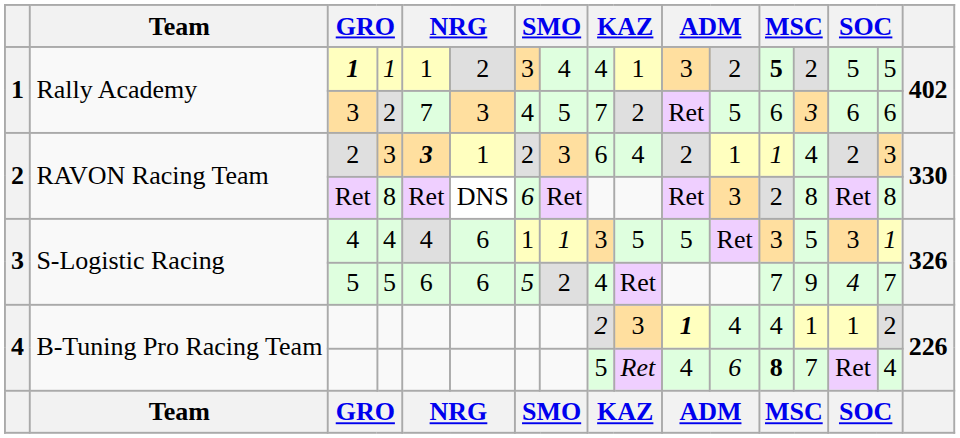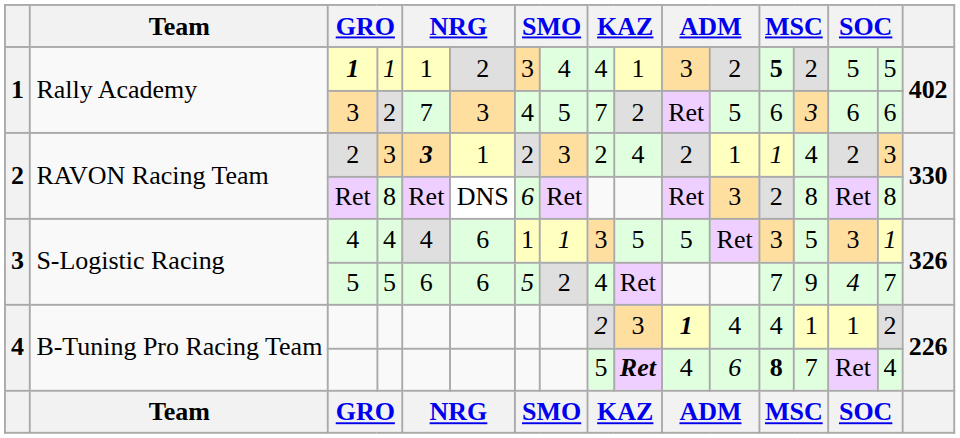 <table align=left| class="wikitable" style="font-size: 85%; text-align: center">
 <tr valign="top">
 <th valign="middle"></th>
 <th valign="middle">Team</th>
 <th colspan=2><a href='#'>GRO</a></th>
 <th colspan=2><a href='#'>NRG</a></th>
 <th colspan=2><a href='#'>SMO</a></th>
 <th colspan=2><a href='#'>KAZ</a></th>
 <th colspan=2><a href='#'>ADM</a></th>
 <th colspan=2><a href='#'>MSC</a></th>
 <th colspan=2><a href='#'>SOC</a></th>
 <th valign="middle"></th>
 </tr>
 <tr>
 <th rowspan="2">1</th>
 <td rowspan="2" align=left>Rally Academy</td>
 <td style="background:#ffffbf;"><strong><em>1</em></strong></td>
 <td style="background:#ffffbf;"><em>1</em></td>
 <td style="background:#ffffbf;">1</td>
 <td style="background:#dfdfdf;">2</td>
 <td style="background:#ffdf9f;">3</td>
 <td style="background:#dfffdf;">4</td>
 <td style="background:#dfffdf;">4</td>
 <td style="background:#ffffbf;">1</td>
 <td style="background:#ffdf9f;">3</td>
 <td style="background:#dfdfdf;">2</td>
 <td style="background:#dfffdf;"><strong>5</strong></td>
 <td style="background:#dfdfdf;">2</td>
 <td style="background:#dfffdf;">5</td>
 <td style="background:#dfffdf;">5</td>
 <th rowspan="2">402</th>
 </tr>
 <tr>
 <td style="background:#ffdf9f;">3</td>
 <td style="background:#dfdfdf;">2</td>
 <td style="background:#dfffdf;">7</td>
 <td style="background:#ffdf9f;">3</td>
 <td style="background:#dfffdf;">4</td>
 <td style="background:#dfffdf;">5</td>
 <td style="background:#dfffdf;">7</td>
 <td style="background:#dfdfdf;">2</td>
 <td style="background:#efcfff;">Ret</td>
 <td style="background:#dfffdf;">5</td>
 <td style="background:#dfffdf;">6</td>
 <td style="background:#ffdf9f;"><em>3</em></td>
 <td style="background:#dfffdf;">6</td>
 <td style="background:#dfffdf;">6</td>
 </tr>
 <tr>
 <th rowspan="2">2</th>
 <td rowspan="2" align=left>RAVON Racing Team</td>
 <td style="background:#dfdfdf;">2</td>
 <td style="background:#ffdf9f;">3</td>
 <td style="background:#ffdf9f;"><strong><em>3</em></strong></td>
 <td style="background:#ffffbf;">1</td>
 <td style="background:#dfdfdf;">2</td>
 <td style="background:#ffdf9f;">3</td>
-<td style="background:#dfffdf;">6</td>
+<td style="background:#dfffdf;">2</td>
 <td style="background:#dfffdf;">4</td>
 <td style="background:#dfdfdf;">2</td>
 <td style="background:#ffffbf;">1</td>
 <td style="background:#ffffbf;"><em>1</em></td>
 <td style="background:#dfffdf;">4</td>
 <td style="background:#dfdfdf;">2</td>
 <td style="background:#ffdf9f;">3</td>
 <th rowspan="2">330</th>
 </tr>
 <tr>
 <td style="background:#efcfff;">Ret</td>
 <td style="background:#dfffdf;">8</td>
 <td style="background:#efcfff;">Ret</td>
 <td style="background:#ffffff;">DNS</td>
 <td style="background:#dfffdf;"><em>6</em></td>
 <td style="background:#efcfff;">Ret</td>
 <td></td>
 <td></td>
 <td style="background:#efcfff;">Ret</td>
 <td style="background:#ffdf9f;">3</td>
 <td style="background:#dfdfdf;">2</td>
 <td style="background:#dfffdf;">8</td>
 <td style="background:#efcfff;">Ret</td>
 <td style="background:#dfffdf;">8</td>
 </tr>
 <tr>
 <th rowspan="2">3</th>
 <td rowspan="2" align=left>S-Logistic Racing</td>
 <td style="background:#dfffdf;">4</td>
 <td style="background:#dfffdf;">4</td>
 <td style="background:#dfdfdf;">4</td>
 <td style="background:#dfffdf;">6</td>
 <td style="background:#ffffbf;">1</td>
 <td style="background:#ffffbf;"><em>1</em></td>
 <td style="background:#ffdf9f;">3</td>
 <td style="background:#dfffdf;">5</td>
 <td style="background:#dfffdf;">5</td>
 <td style="background:#efcfff;">Ret</td>
 <td style="background:#ffdf9f;">3</td>
 <td style="background:#dfffdf;">5</td>
 <td style="background:#ffdf9f;">3</td>
 <td style="background:#ffffbf;"><em>1</em></td>
 <th rowspan="2">326</th>
 </tr>
 <tr>
 <td style="background:#dfffdf;">5</td>
 <td style="background:#dfffdf;">5</td>
 <td style="background:#dfffdf;">6</td>
 <td style="background:#dfffdf;">6</td>
 <td style="background:#dfffdf;"><em>5</em></td>
 <td style="background:#dfdfdf;">2</td>
 <td style="background:#dfffdf;">4</td>
 <td style="background:#efcfff;">Ret</td>
 <td></td>
 <td></td>
 <td style="background:#dfffdf;">7</td>
 <td style="background:#dfffdf;">9</td>
 <td style="background:#dfffdf;"><em>4</em></td>
 <td style="background:#dfffdf;">7</td>
 </tr>
 <tr>
 <th rowspan="2">4</th>
 <td rowspan="2" align=left>B-Tuning Pro Racing Team</td>
 <td></td>
 <td></td>
 <td></td>
 <td></td>
 <td></td>
 <td></td>
 <td style="background:#dfdfdf;"><em>2</em></td>
 <td style="background:#ffdf9f;">3</td>
 <td style="background:#ffffbf;"><strong><em>1</em></strong></td>
 <td style="background:#dfffdf;">4</td>
 <td style="background:#dfffdf;">4</td>
 <td style="background:#ffffbf;">1</td>
 <td style="background:#ffffbf;">1</td>
 <td style="background:#dfdfdf;">2</td>
 <th rowspan="2">226</th>
 </tr>
 <tr>
 <td></td>
 <td></td>
 <td></td>
 <td></td>
 <td></td>
 <td></td>
 <td style="background:#dfffdf;">5</td>
-<td style="background:#efcfff;"><em>Ret</em></td>
+<td style="background:#efcfff;"><strong><em>Ret</em></strong></td>
 <td style="background:#dfffdf;">4</td>
 <td style="background:#dfffdf;"><em>6</em></td>
 <td style="background:#dfffdf;"><strong>8</strong></td>
 <td style="background:#dfffdf;">7</td>
 <td style="background:#efcfff;">Ret</td>
 <td style="background:#dfffdf;">4</td>
 </tr>
 <tr valign="top">
 <th valign="middle"></th>
 <th valign="middle">Team</th>
 <th colspan=2><a href='#'>GRO</a></th>
 <th colspan=2><a href='#'>NRG</a></th>
 <th colspan=2><a href='#'>SMO</a></th>
 <th colspan=2><a href='#'>KAZ</a></th>
 <th colspan=2><a href='#'>ADM</a></th>
 <th colspan=2><a href='#'>MSC</a></th>
 <th colspan=2><a href='#'>SOC</a></th>
 <th valign="middle"></th>
 </tr>
 </table>
